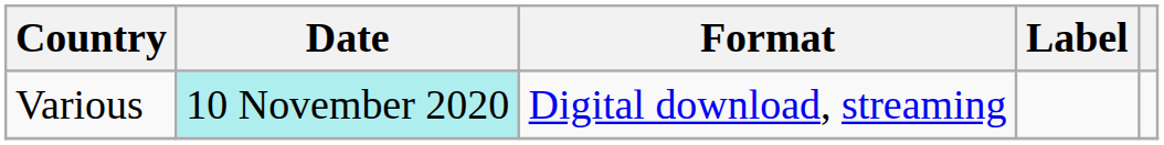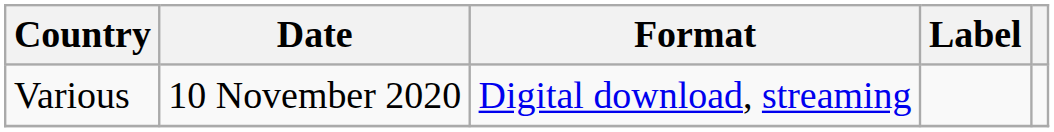 <table class="wikitable">
 <tr>
 <th>Country</th>
 <th>Date</th>
 <th>Format</th>
 <th>Label</th>
 <th></th>
 </tr>
 <tr>
 <td rowspan="1">Various</td>
-<td style="background: paleturquoise;">10 November 2020</td>
+<td>10 November 2020</td>
 <td rowspan="1"><a href='#'>Digital download</a>, <a href='#'>streaming</a></td>
 <td rowspan="1"></td>
 <td></td>
 </tr>
 <tr>
 </tr>
 </table>
